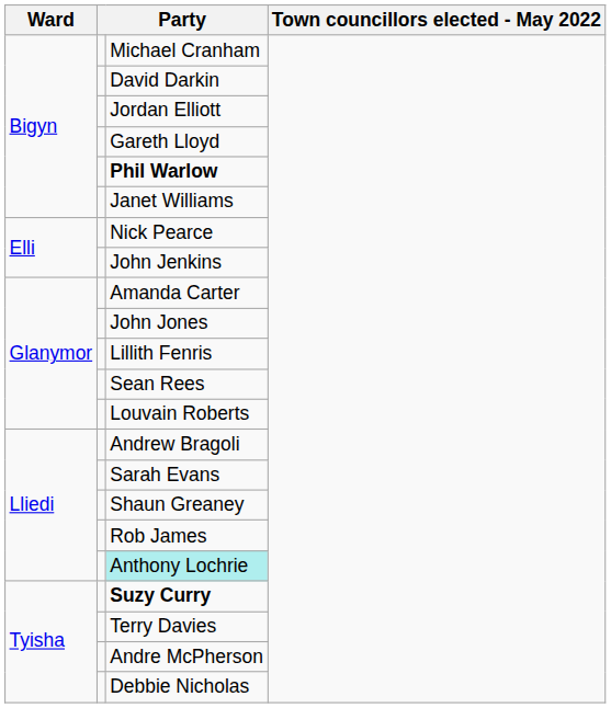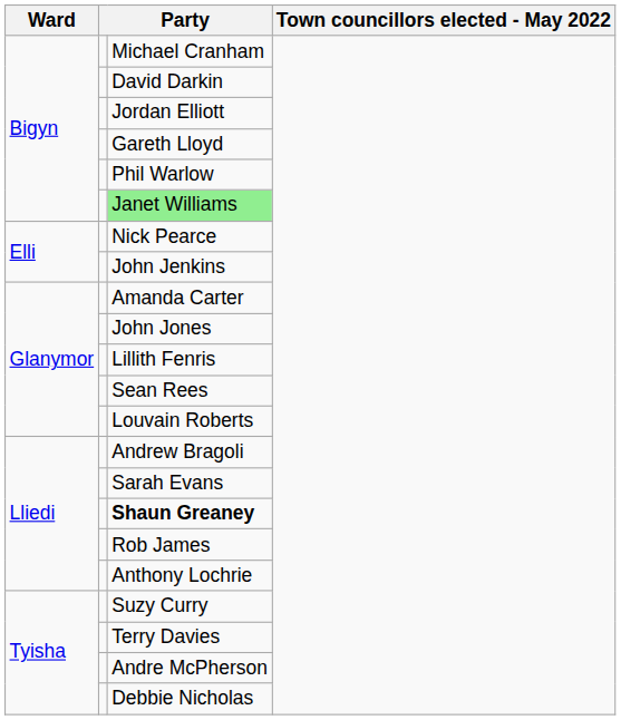 <table class="wikitable">
 <tr>
 <th>Ward</th>
 <th colspan=2>Party</th>
 <th>Town councillors elected - May 2022</th>
 </tr>
 <tr>
 <td rowspan="6"><a href='#'>Bigyn</a></td>
 <td></td>
 <td>Michael Cranham</td>
 </tr>
 <tr>
 <td></td>
 <td>David Darkin</td>
 </tr>
 <tr>
 <td></td>
 <td>Jordan Elliott</td>
 </tr>
 <tr>
 <td></td>
 <td>Gareth Lloyd</td>
 </tr>
 <tr>
 <td></td>
-<td><strong>Phil Warlow</strong></td>
+<td>Phil Warlow</td>
 </tr>
 <tr>
 <td></td>
-<td>Janet Williams</td>
+<td style="background: lightgreen;">Janet Williams</td>
 </tr>
 <tr>
 <td rowspan="2"><a href='#'>Elli</a></td>
 <td></td>
 <td>Nick Pearce</td>
 </tr>
 <tr>
 <td></td>
 <td>John Jenkins</td>
 </tr>
 <tr>
 <td rowspan="5"><a href='#'>Glanymor</a></td>
 <td></td>
 <td>Amanda Carter</td>
 </tr>
 <tr>
 <td></td>
 <td>John Jones</td>
 </tr>
 <tr>
 <td></td>
 <td>Lillith Fenris</td>
 </tr>
 <tr>
 <td></td>
 <td>Sean Rees</td>
 </tr>
 <tr>
 <td></td>
 <td>Louvain Roberts</td>
 </tr>
 <tr>
 <td rowspan="5"><a href='#'>Lliedi</a></td>
 <td></td>
 <td>Andrew Bragoli</td>
 </tr>
 <tr>
 <td></td>
 <td>Sarah Evans</td>
 </tr>
 <tr>
 <td></td>
-<td>Shaun Greaney</td>
+<td><strong>Shaun Greaney</strong></td>
 </tr>
 <tr>
 <td></td>
 <td>Rob James</td>
 </tr>
 <tr>
 <td></td>
-<td style="background: paleturquoise;">Anthony Lochrie</td>
+<td>Anthony Lochrie</td>
 </tr>
 <tr>
 <td rowspan="4"><a href='#'>Tyisha</a></td>
 <td></td>
-<td><strong>Suzy Curry</strong></td>
+<td>Suzy Curry</td>
 </tr>
 <tr>
 <td></td>
 <td>Terry Davies</td>
 </tr>
 <tr>
 <td></td>
 <td>Andre McPherson</td>
 </tr>
 <tr>
 <td></td>
 <td>Debbie Nicholas</td>
 </tr>
 </table>
